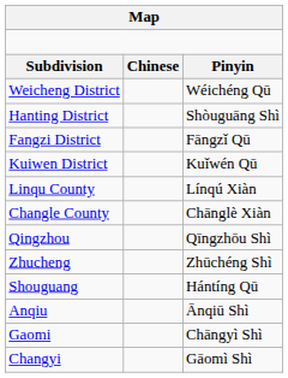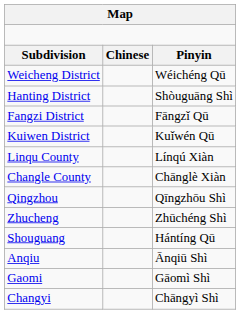 <table class="wikitable">
 <tr>
 <th colspan="3">Map</th>
 </tr>
 <tr>
 <td colspan="3"><div><br>               </div></td>
 </tr>
 <tr>
 <th>Subdivision</th>
 <th>Chinese</th>
 <th>Pinyin</th>
 </tr>
 <tr>
 <td><a href='#'>Weicheng District</a></td>
 <td></td>
 <td>Wéichéng Qū</td>
 </tr>
 <tr>
 <td><a href='#'>Hanting District</a></td>
 <td></td>
 <td>Shòuguāng Shì</td>
 </tr>
 <tr>
 <td><a href='#'>Fangzi District</a></td>
 <td></td>
 <td>Fāngzǐ Qū</td>
 </tr>
 <tr>
 <td><a href='#'>Kuiwen District</a></td>
 <td></td>
 <td>Kuǐwén Qū</td>
 </tr>
 <tr>
 <td><a href='#'>Linqu County</a></td>
 <td></td>
 <td>Línqú Xiàn</td>
 </tr>
 <tr>
 <td><a href='#'>Changle County</a></td>
 <td></td>
 <td>Chānglè Xiàn</td>
 </tr>
 <tr>
 <td><a href='#'>Qingzhou</a></td>
 <td></td>
 <td>Qīngzhōu Shì</td>
 </tr>
 <tr>
 <td><a href='#'>Zhucheng</a></td>
 <td></td>
 <td>Zhūchéng Shì</td>
 </tr>
 <tr>
 <td><a href='#'>Shouguang</a></td>
 <td></td>
 <td>Hántíng Qū</td>
 </tr>
 <tr>
 <td><a href='#'>Anqiu</a></td>
 <td></td>
 <td>Ānqiū Shì</td>
 </tr>
 <tr>
 <td><a href='#'>Gaomi</a></td>
 <td></td>
-<td>Chāngyì Shì</td>
+<td>Gāomì Shì</td>
 </tr>
 <tr>
 <td><a href='#'>Changyi</a></td>
 <td></td>
-<td>Gāomì Shì</td>
+<td>Chāngyì Shì</td>
 </tr>
 </table>
